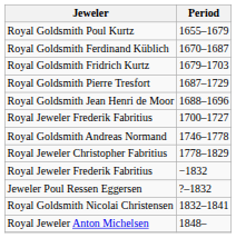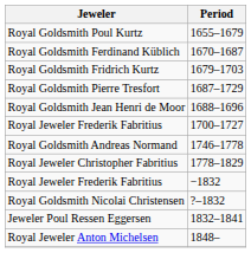 <table class="wikitable">
 <tr>
 <th>Jeweler</th>
 <th>Period</th>
 </tr>
 <tr>
 <td>Royal Goldsmith Poul Kurtz</td>
 <td>1655–1679</td>
 </tr>
 <tr>
 <td>Royal Goldsmith Ferdinand Küblich</td>
 <td>1670–1687</td>
 </tr>
 <tr>
 <td>Royal Goldsmith Fridrich Kurtz</td>
 <td>1679–1703</td>
 </tr>
 <tr>
 <td>Royal Goldsmith Pierre Tresfort</td>
 <td>1687–1729</td>
 </tr>
 <tr>
 <td>Royal Goldsmith Jean Henri de Moor</td>
 <td>1688–1696</td>
 </tr>
 <tr>
 <td>Royal Jeweler Frederik Fabritius</td>
 <td>1700–1727</td>
 </tr>
 <tr>
 <td>Royal Goldsmith Andreas Normand</td>
 <td>1746–1778</td>
 </tr>
 <tr>
 <td>Royal Jeweler Christopher Fabritius</td>
 <td>1778–1829</td>
 </tr>
 <tr>
 <td>Royal Jeweler Frederik Fabritius</td>
 <td>−1832</td>
 </tr>
 <tr>
-<td>Jeweler Poul Ressen Eggersen</td>
+<td>Royal Goldsmith Nicolai Christensen</td>
 <td>?–1832</td>
 </tr>
 <tr>
-<td>Royal Goldsmith Nicolai Christensen</td>
+<td>Jeweler Poul Ressen Eggersen</td>
 <td>1832–1841</td>
 </tr>
 <tr>
 <td>Royal Jeweler <a href='#'>Anton Michelsen</a></td>
 <td>1848–</td>
 </tr>
 <tr>
 </tr>
 </table>
